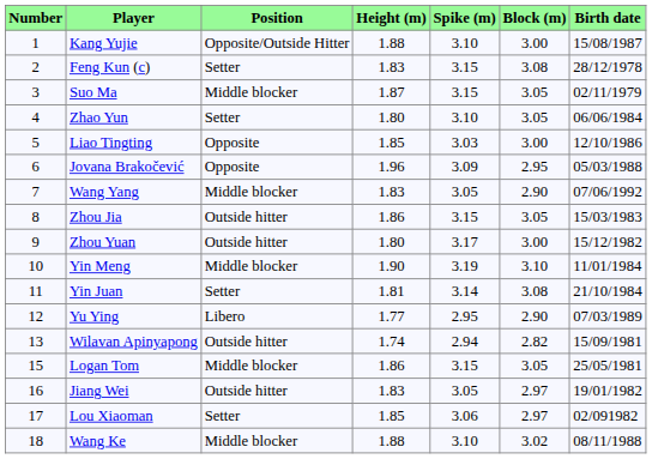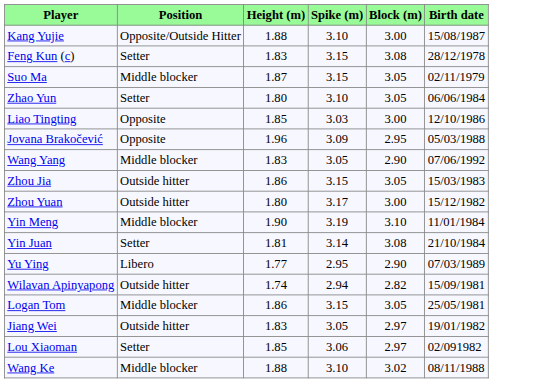 <table bgcolor="#f7f8ff" cellpadding="3" cellspacing="0" border="1" style="font-size: 95%; border: gray solid 1px; border-collapse: collapse;">
 <tr bgcolor="98FB98">
-<td align=center><strong>Number</strong></td>
 <td align=center><strong>Player</strong></td>
 <td align=center><strong>Position</strong></td>
 <td align=center><strong>Height (m)</strong></td>
 <td align=center><strong>Spike (m)</strong></td>
 <td align=center><strong>Block (m)</strong></td>
 <td align=center><strong>Birth date</strong></td>
 </tr>
 <tr align=left>
-<td align="center">1</td>
 <td> <a href='#'>Kang Yujie</a></td>
 <td>Opposite/Outside Hitter</td>
 <td align="center">1.88</td>
 <td align="center">3.10</td>
 <td align="center">3.00</td>
 <td>15/08/1987</td>
 </tr>
 <tr align=left>
-<td align="center">2</td>
 <td> <a href='#'>Feng Kun</a> (<a href='#'>c</a>)</td>
 <td>Setter</td>
 <td align="center">1.83</td>
 <td align="center">3.15</td>
 <td align="center">3.08</td>
 <td>28/12/1978</td>
 </tr>
 <tr align="left">
-<td align="center">3</td>
 <td> <a href='#'>Suo Ma</a></td>
 <td>Middle blocker</td>
 <td align="center">1.87</td>
 <td align="center">3.15</td>
 <td align="center">3.05</td>
 <td>02/11/1979</td>
 </tr>
 <tr align=left>
-<td align="center">4</td>
 <td> <a href='#'>Zhao Yun</a></td>
 <td>Setter</td>
 <td align="center">1.80</td>
 <td align="center">3.10</td>
 <td align="center">3.05</td>
 <td>06/06/1984</td>
 </tr>
 <tr align=left>
-<td align="center">5</td>
 <td> <a href='#'>Liao Tingting</a></td>
 <td>Opposite</td>
 <td align="center">1.85</td>
 <td align="center">3.03</td>
 <td align="center">3.00</td>
 <td>12/10/1986</td>
 </tr>
 <tr align=left>
-<td align="center">6</td>
 <td> <a href='#'>Jovana Brakočević</a></td>
 <td>Opposite</td>
 <td align="center">1.96</td>
 <td align="center">3.09</td>
 <td align="center">2.95</td>
 <td>05/03/1988</td>
 </tr>
 <tr align=left>
-<td align="center">7</td>
 <td> <a href='#'>Wang Yang</a></td>
 <td>Middle blocker</td>
 <td align="center">1.83</td>
 <td align="center">3.05</td>
 <td align="center">2.90</td>
 <td>07/06/1992</td>
 </tr>
 <tr align=left>
-<td align="center">8</td>
 <td> <a href='#'>Zhou Jia</a></td>
 <td>Outside hitter</td>
 <td align="center">1.86</td>
 <td align="center">3.15</td>
 <td align="center">3.05</td>
 <td>15/03/1983</td>
 </tr>
 <tr align=left>
-<td align="center">9</td>
 <td> <a href='#'>Zhou Yuan</a></td>
 <td>Outside hitter</td>
 <td align="center">1.80</td>
 <td align="center">3.17</td>
 <td align="center">3.00</td>
 <td>15/12/1982</td>
 </tr>
 <tr align=left>
-<td align="center">10</td>
 <td> <a href='#'>Yin Meng</a></td>
 <td>Middle blocker</td>
 <td align="center">1.90</td>
 <td align="center">3.19</td>
 <td align="center">3.10</td>
 <td>11/01/1984</td>
 </tr>
 <tr align=left>
-<td align="center">11</td>
 <td> <a href='#'>Yin Juan</a></td>
 <td>Setter</td>
 <td align="center">1.81</td>
 <td align="center">3.14</td>
 <td align="center">3.08</td>
 <td>21/10/1984</td>
 </tr>
 <tr align="left">
-<td align="center">12</td>
 <td> <a href='#'>Yu Ying</a></td>
 <td>Libero</td>
 <td align="center">1.77</td>
 <td align="center">2.95</td>
 <td align="center">2.90</td>
 <td>07/03/1989</td>
 </tr>
 <tr align="left">
-<td align="center">13</td>
 <td> <a href='#'>Wilavan Apinyapong</a></td>
 <td>Outside hitter</td>
 <td align="center">1.74</td>
 <td align="center">2.94</td>
 <td align="center">2.82</td>
 <td>15/09/1981</td>
 </tr>
 <tr align=left>
-<td align="center">15</td>
 <td>  <a href='#'>Logan Tom</a></td>
 <td>Middle blocker</td>
 <td align="center">1.86</td>
 <td align="center">3.15</td>
 <td align="center">3.05</td>
 <td>25/05/1981</td>
 </tr>
 <tr align=left>
-<td align="center">16</td>
 <td> <a href='#'>Jiang Wei</a></td>
 <td>Outside hitter</td>
 <td align="center">1.83</td>
 <td align="center">3.05</td>
 <td align="center">2.97</td>
 <td>19/01/1982</td>
 </tr>
 <tr align=left>
-<td align="center">17</td>
 <td> <a href='#'>Lou Xiaoman</a></td>
 <td>Setter</td>
 <td align="center">1.85</td>
 <td align="center">3.06</td>
 <td align="center">2.97</td>
 <td>02/091982</td>
 </tr>
 <tr align="left">
-<td align="center">18</td>
 <td> <a href='#'>Wang Ke</a></td>
 <td>Middle blocker</td>
 <td align="center">1.88</td>
 <td align="center">3.10</td>
 <td align="center">3.02</td>
 <td>08/11/1988</td>
 </tr>
 </table>
